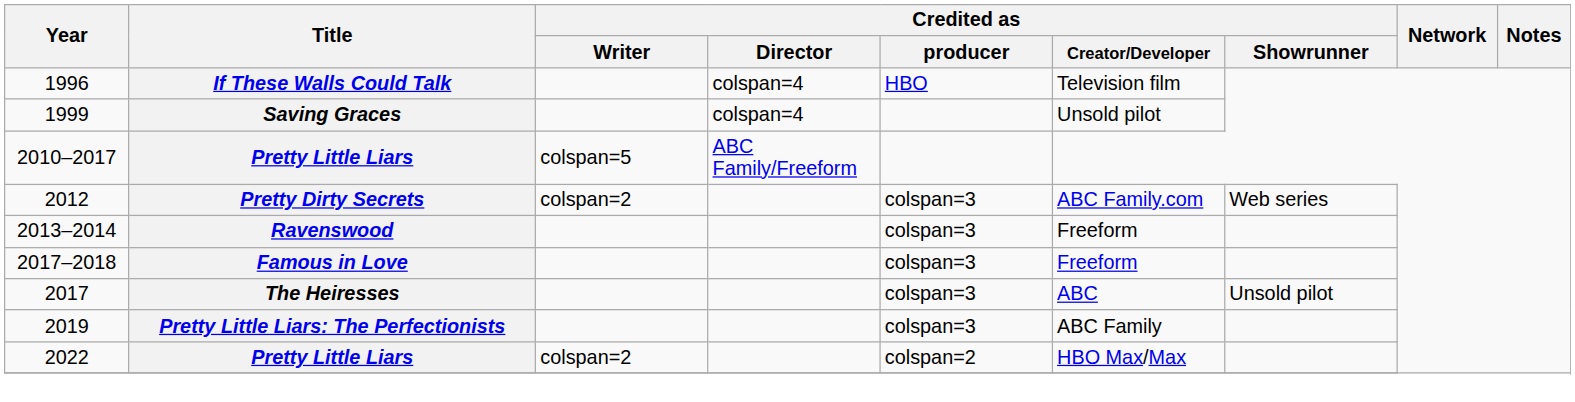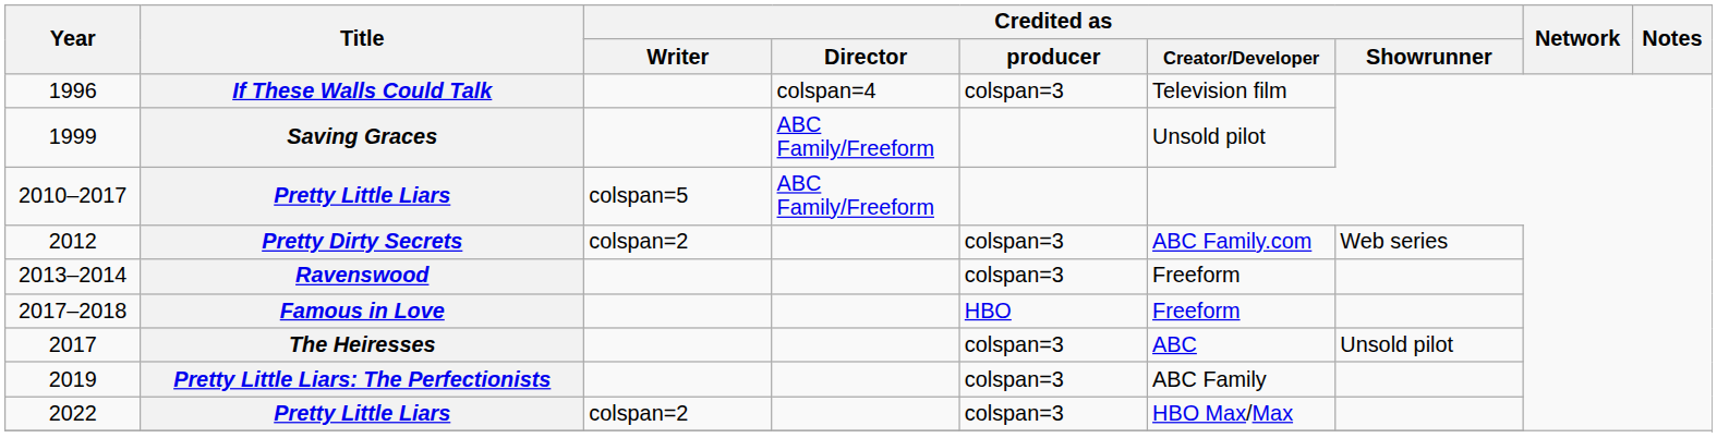 <table class="wikitable plainrowheaders" style="margin-right:auto; margin-right:auto; width:100%;" style="text-align:center;">
 <tr>
 <th rowspan="2">Year</th>
 <th rowspan="2">Title</th>
 <th colspan="5">Credited as</th>
 <th rowspan="2">Network</th>
 <th rowspan="2">Notes</th>
 </tr>
 <tr>
 <th width="11%">Writer</th>
 <th width="11%">Director</th>
 <th width="11%"> producer</th>
 <th width="11%"><small>Creator/Developer</small></th>
 <th width="11%">Showrunner</th>
 </tr>
 <tr>
 <td style="text-align:center;">1996</td>
 <th scope="row"><em><a href='#'>If These Walls Could Talk</a></em></th>
 <td></td>
 <td>colspan=4 </td>
-<td><a href='#'>HBO</a></td>
+<td>colspan=3 </td>
 <td>Television film</td>
 </tr>
 <tr>
 <td style="text-align:center;">1999</td>
 <th scope="row"><em>Saving Graces</em></th>
 <td></td>
-<td>colspan=4 </td>
+<td><a href='#'>ABC Family/Freeform</a></td>
 <td></td>
 <td>Unsold pilot</td>
 </tr>
 <tr>
 <td style="text-align:center;">2010–2017</td>
 <th scope="row"><em><a href='#'>Pretty Little Liars</a></em></th>
 <td>colspan=5 </td>
 <td><a href='#'>ABC Family/Freeform</a></td>
 <td></td>
 </tr>
 <tr>
 <td style="text-align:center;">2012</td>
 <th scope="row"><em><a href='#'>Pretty Dirty Secrets</a></em></th>
 <td>colspan=2 </td>
 <td></td>
 <td>colspan=3 </td>
 <td><a href='#'>ABC Family.com</a></td>
 <td>Web series</td>
 </tr>
 <tr>
 <td style="text-align:center;">2013–2014</td>
 <th scope="row"><em><a href='#'>Ravenswood</a></em></th>
 <td></td>
 <td></td>
 <td>colspan=3 </td>
 <td>Freeform</td>
 <td></td>
 </tr>
 <tr>
 <td style="text-align:center;">2017–2018</td>
 <th scope="row"><em><a href='#'>Famous in Love</a></em></th>
 <td></td>
 <td></td>
-<td>colspan=3 </td>
+<td><a href='#'>HBO</a></td>
 <td><a href='#'>Freeform</a></td>
 <td></td>
 </tr>
 <tr>
 <td style="text-align:center;">2017</td>
 <th scope="row"><em>The Heiresses</em></th>
 <td></td>
 <td></td>
 <td>colspan=3 </td>
 <td><a href='#'>ABC</a></td>
 <td>Unsold pilot</td>
 </tr>
 <tr>
 <td style="text-align:center;">2019</td>
 <th scope="row"><em><a href='#'>Pretty Little Liars: The Perfectionists</a></em></th>
 <td></td>
 <td></td>
 <td>colspan=3 </td>
 <td>ABC Family</td>
 <td></td>
 </tr>
 <tr>
 <td style="text-align:center;">2022</td>
 <th scope="row"><em><a href='#'>Pretty Little Liars</a></em></th>
 <td>colspan=2 </td>
 <td></td>
-<td>colspan=2 </td>
+<td>colspan=3 </td>
 <td><a href='#'>HBO Max</a>/<a href='#'>Max</a></td>
 <td></td>
 </tr>
 <tr>
 </tr>
 </table>
